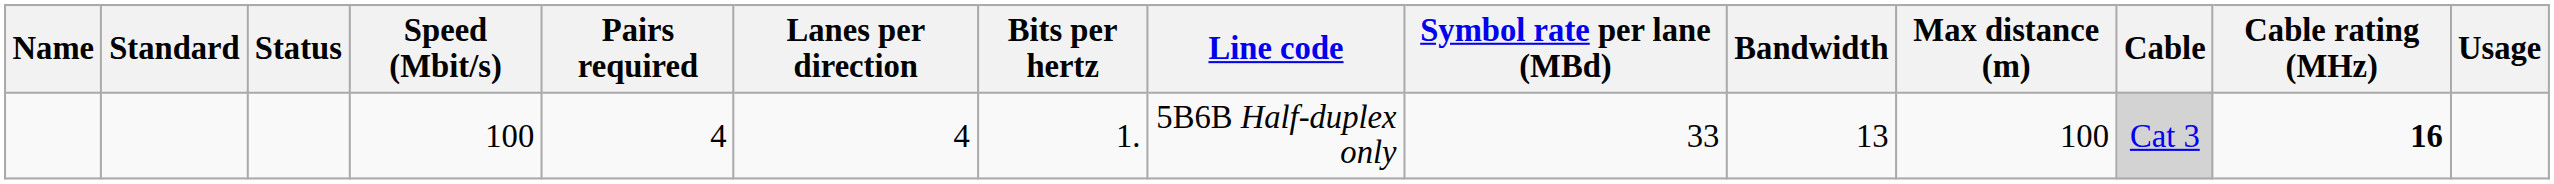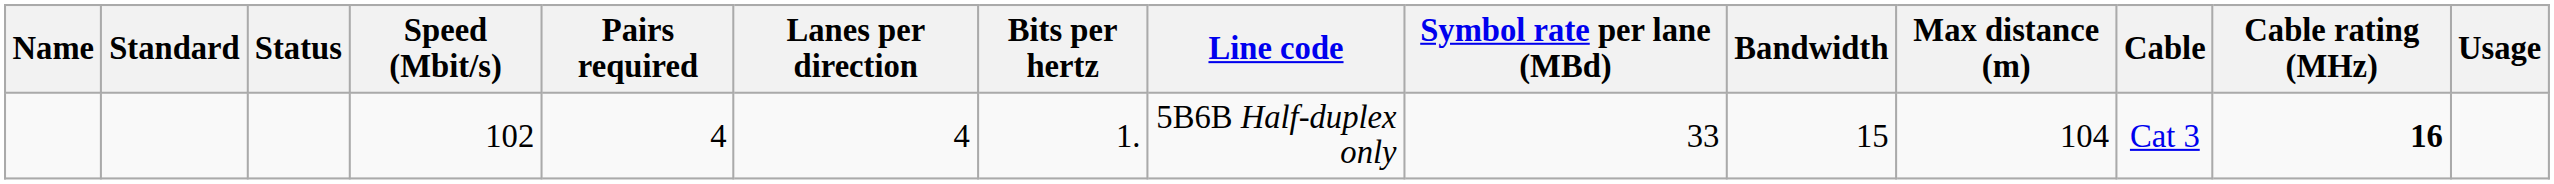 <table class="wikitable" style="line-height:110%;">
 <tr>
 <th>Name</th>
 <th>Standard</th>
 <th>Status</th>
 <th>Speed (Mbit/s)</th>
 <th>Pairs required</th>
 <th>Lanes per direction</th>
 <th>Bits per hertz</th>
 <th><a href='#'>Line code</a></th>
 <th><a href='#'>Symbol rate</a> per lane (MBd)</th>
 <th>Bandwidth</th>
 <th>Max distance (m)</th>
 <th>Cable</th>
 <th>Cable rating (MHz)</th>
 <th>Usage</th>
 </tr>
 <tr>
 <td></td>
 <td></td>
 <td></td>
-<td align="right">100</td>
+<td align="right">102</td>
 <td align="right">4</td>
 <td align="right">4</td>
 <td align="right">1.</td>
 <td align="right">5B6B <em>Half-duplex only</em></td>
 <td align="right">33</td>
-<td align="right">13</td>
-<td align="right">100</td>
-<td align="center" style="background: lightgrey;"><a href='#'>Cat 3</a></td>
+<td align="right">15</td>
+<td align="right">104</td>
+<td align="center"><a href='#'>Cat 3</a></td>
 <td align="right"><strong>16</strong></td>
 <td></td>
 </tr>
 </table>
